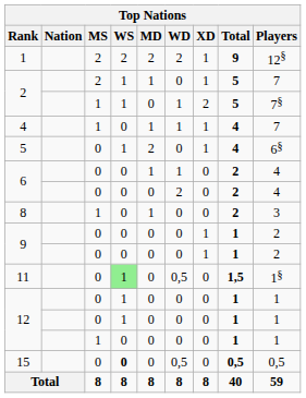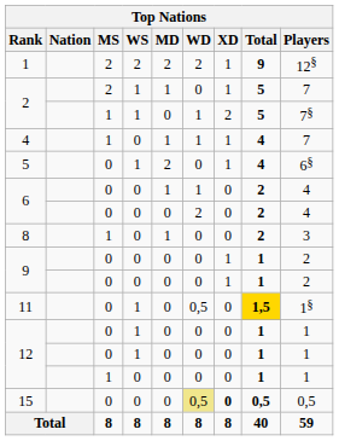 <table class="wikitable" style="text-align:center">
 <tr>
 <th colspan=10>Top Nations</th>
 </tr>
 <tr>
 <th>Rank</th>
 <th>Nation</th>
 <th>MS</th>
 <th>WS</th>
 <th>MD</th>
 <th>WD</th>
 <th>XD</th>
 <th>Total</th>
 <th>Players</th>
 </tr>
 <tr>
 <td>1</td>
 <td align=left></td>
 <td>2</td>
 <td>2</td>
 <td>2</td>
 <td>2</td>
 <td>1</td>
 <td><strong>9</strong></td>
 <td>12<sup>§</sup></td>
 </tr>
 <tr>
 <td rowspan=2>2</td>
 <td align=left></td>
 <td>2</td>
 <td>1</td>
 <td>1</td>
 <td>0</td>
 <td>1</td>
 <td><strong>5</strong></td>
 <td>7</td>
 </tr>
 <tr align=center>
 <td align=left></td>
 <td>1</td>
 <td>1</td>
 <td>0</td>
 <td>1</td>
 <td>2</td>
 <td><strong>5</strong></td>
 <td>7<sup>§</sup></td>
 </tr>
 <tr align=center>
 <td>4</td>
 <td align=left></td>
 <td>1</td>
 <td>0</td>
 <td>1</td>
 <td>1</td>
 <td>1</td>
 <td><strong>4</strong></td>
 <td>7</td>
 </tr>
 <tr align=center>
 <td>5</td>
 <td align=left></td>
 <td>0</td>
 <td>1</td>
 <td>2</td>
 <td>0</td>
 <td>1</td>
 <td><strong>4</strong></td>
 <td>6<sup>§</sup></td>
 </tr>
 <tr align=center>
 <td rowspan=2>6</td>
 <td align=left></td>
 <td>0</td>
 <td>0</td>
 <td>1</td>
 <td>1</td>
 <td>0</td>
 <td><strong>2</strong></td>
 <td>4</td>
 </tr>
 <tr align=center>
 <td align=left></td>
 <td>0</td>
 <td>0</td>
 <td>0</td>
 <td>2</td>
 <td>0</td>
 <td><strong>2</strong></td>
 <td>4</td>
 </tr>
 <tr align=center>
 <td>8</td>
 <td align=left></td>
 <td>1</td>
 <td>0</td>
 <td>1</td>
 <td>0</td>
 <td>0</td>
 <td><strong>2</strong></td>
 <td>3</td>
 </tr>
 <tr align=center>
 <td rowspan=2>9</td>
 <td align=left></td>
 <td>0</td>
 <td>0</td>
 <td>0</td>
 <td>0</td>
 <td>1</td>
 <td><strong>1</strong></td>
 <td>2</td>
 </tr>
 <tr align=center>
 <td align=left></td>
 <td>0</td>
 <td>0</td>
 <td>0</td>
 <td>0</td>
 <td>1</td>
 <td><strong>1</strong></td>
 <td>2</td>
 </tr>
 <tr align=center>
 <td>11</td>
 <td align=left></td>
 <td>0</td>
-<td style="background: lightgreen;">1</td>
+<td>1</td>
 <td>0</td>
 <td>0,5</td>
 <td>0</td>
-<td><strong>1,5</strong></td>
+<td style="background: gold;"><strong>1,5</strong></td>
 <td>1<sup>§</sup></td>
 </tr>
 <tr align=center>
 <td rowspan=3>12</td>
 <td align=left></td>
 <td>0</td>
 <td>1</td>
 <td>0</td>
 <td>0</td>
 <td>0</td>
 <td><strong>1</strong></td>
 <td>1</td>
 </tr>
 <tr align=center>
 <td align=left></td>
 <td>0</td>
 <td>1</td>
 <td>0</td>
 <td>0</td>
 <td>0</td>
 <td><strong>1</strong></td>
 <td>1</td>
 </tr>
 <tr align=center>
 <td align=left></td>
 <td>1</td>
 <td>0</td>
 <td>0</td>
 <td>0</td>
 <td>0</td>
 <td><strong>1</strong></td>
 <td>1</td>
 </tr>
 <tr align=center>
 <td>15</td>
 <td align=left></td>
 <td>0</td>
+<td>0</td>
+<td>0</td>
+<td style="background: khaki;">0,5</td>
 <td><strong>0</strong></td>
-<td>0</td>
-<td>0,5</td>
-<td>0</td>
 <td><strong>0,5</strong></td>
 <td>0,5</td>
 </tr>
 <tr>
 <th colspan=2>Total</th>
 <td><strong>8</strong></td>
 <td><strong>8</strong></td>
 <td><strong>8</strong></td>
 <td><strong>8</strong></td>
 <td><strong>8</strong></td>
 <td><strong>40</strong></td>
 <td><strong>59</strong></td>
 </tr>
 </table>
